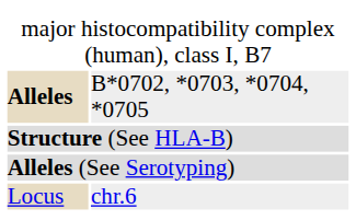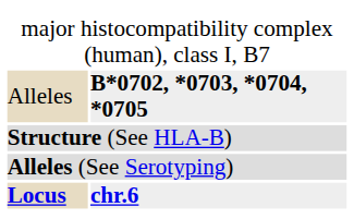 <table id="drugInfoBox" style="float: right; clear: right; margin: 0 0 0.5em 1em; background: #ffffff;" class="toccolours" border=0 cellpadding=0 align=right width="240px">
 <tr align="center">
 <td colspan="3"></td>
 </tr>
 <tr style="text-align: center; line-height: 1.00;background:#eeeeee">
 <td colspan="3" color="white"></td>
 </tr>
 <tr>
 <td align="center" colspan="2"></td>
 </tr>
 <tr>
 <td align="center" colspan="2"><div>major histocompatibility complex (human), class I, B7</div></td>
 </tr>
 <tr>
-<td bgcolor="#e7dcc3"><strong>Alleles</strong></td>
-<td bgcolor="#eeeeee">B*0702, *0703, *0704, *0705<br></td>
+<td bgcolor="#e7dcc3">Alleles</td>
+<td bgcolor="#eeeeee"><strong>B*0702, *0703, *0704, *0705<br></strong></td>
 </tr>
 <tr>
 <td colspan="2" bgcolor="#dddddd"><strong>Structure</strong> (See <a href='#'>HLA-B</a>)</td>
 </tr>
 <tr>
 <td colspan="2" bgcolor="#dddddd"><strong>Alleles</strong> (See <a href='#'>Serotyping</a>)</td>
 </tr>
 <tr>
-<td bgcolor="#e7dcc3"><a href='#'>Locus</a></td>
-<td bgcolor="#eeeeee"><a href='#'>chr.6</a> <em></em></td>
+<td bgcolor="#e7dcc3"><strong><a href='#'>Locus</a></strong></td>
+<td bgcolor="#eeeeee"><strong><a href='#'>chr.6</a> <em></em></strong></td>
 </tr>
 <tr>
 </tr>
 </table>
